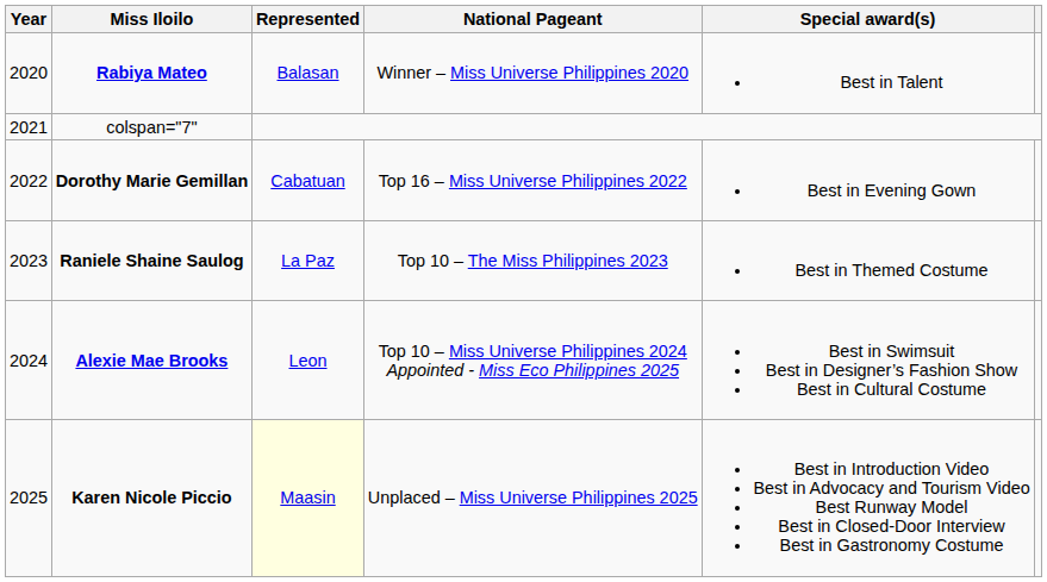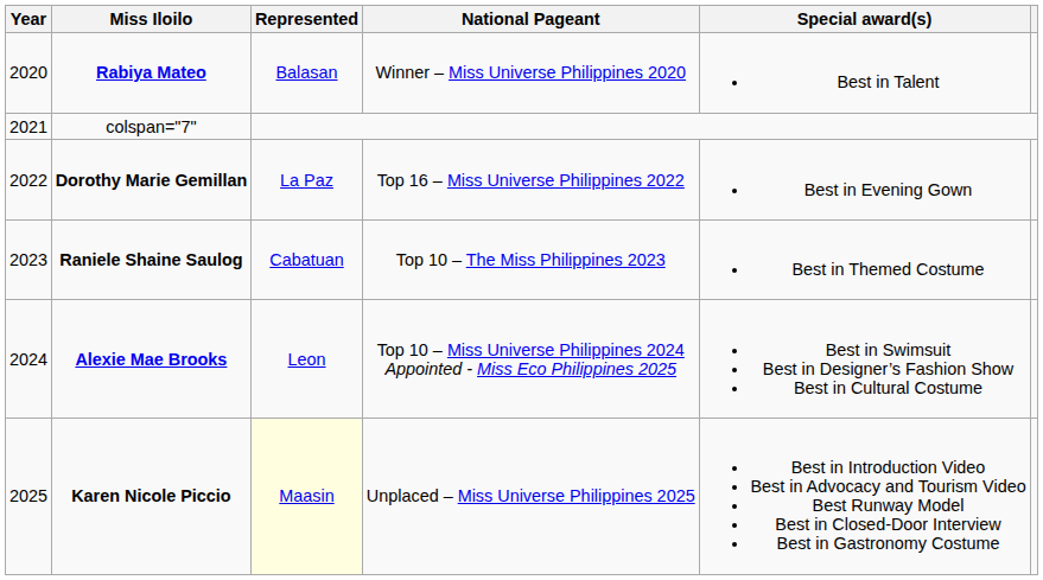 <table class="wikitable" style="font-size: 90%; text-align:center">
 <tr>
 <th>Year</th>
 <th>Miss Iloilo</th>
 <th>Represented</th>
 <th>National Pageant</th>
 <th>Special award(s)</th>
 <th></th>
 </tr>
 <tr>
 <td>2020</td>
 <td><strong><a href='#'>Rabiya Mateo</a></strong></td>
 <td><a href='#'>Balasan</a></td>
 <td>Winner – <a href='#'>Miss Universe Philippines 2020</a></td>
 <td><br><ul><li>Best in Talent</li></ul></td>
 <td></td>
 </tr>
 <tr>
 <td>2021</td>
 <td>colspan="7" </td>
 </tr>
 <tr>
 <td>2022</td>
 <td><strong>Dorothy Marie Gemillan</strong></td>
-<td><a href='#'>Cabatuan</a></td>
+<td><a href='#'>La Paz</a></td>
 <td>Top 16 – <a href='#'>Miss Universe Philippines 2022</a></td>
 <td><br><ul><li>Best in Evening Gown</li></ul></td>
 <td></td>
 </tr>
 <tr>
 <td>2023</td>
 <td><strong>Raniele Shaine Saulog</strong></td>
-<td><a href='#'>La Paz</a></td>
+<td><a href='#'>Cabatuan</a></td>
 <td>Top 10 – <a href='#'>The Miss Philippines 2023</a></td>
 <td><br><ul><li>Best in Themed Costume</li></ul></td>
 <td></td>
 </tr>
 <tr>
 <td>2024</td>
 <td><strong><a href='#'>Alexie Mae Brooks</a></strong></td>
 <td><a href='#'>Leon</a></td>
 <td>Top 10 – <a href='#'>Miss Universe Philippines 2024</a><br><em>Appointed - <a href='#'>Miss Eco Philippines 2025</a></em></td>
 <td><br><ul><li>Best in Swimsuit</li><li>Best in Designer’s Fashion Show</li><li>Best in Cultural Costume</li></ul></td>
 <td></td>
 </tr>
 <tr>
 <td>2025</td>
 <td><strong>Karen Nicole Piccio</strong></td>
 <td style="background: lightyellow;"><a href='#'>Maasin</a></td>
 <td>Unplaced – <a href='#'>Miss Universe Philippines 2025</a></td>
 <td><br><ul><li>Best in Introduction Video</li><li>Best in Advocacy and Tourism Video</li><li>Best Runway Model</li><li>Best in Closed-Door Interview</li><li>Best in Gastronomy Costume</li></ul></td>
 <td></td>
 </tr>
 </table>
